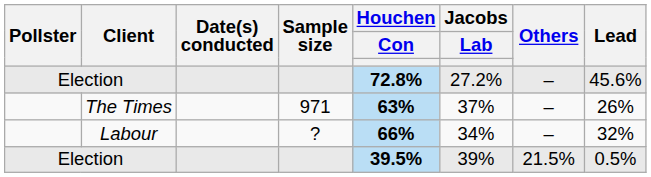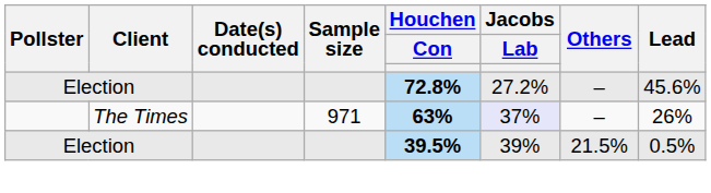 <table class="wikitable sortable mw-datatable" style="text-align:center;font-size:90%;line-height:14px;">
 <tr>
 <th rowspan="3">Pollster</th>
 <th rowspan="3">Client</th>
 <th rowspan="3">Date(s)<br>conducted</th>
 <th rowspan="3">Sample<br>size</th>
 <th class="unsortable" style="width:50px;"><a href='#'>Houchen</a></th>
 <th class="unsortable" style="width:50px;">Jacobs</th>
 <th rowspan="3" style="width:50px;"><a href='#'>Others</a></th>
 <th rowspan= "3" data-sort-type="number">Lead</th>
 </tr>
 <tr>
 <th class="unsortable"><a href='#'>Con</a></th>
 <th class="unsortable"><a href='#'>Lab</a></th>
 </tr>
 <tr>
 <th data-sort-type="number" style="background:"></th>
 <th data-sort-type="number" style="background:"></th>
 </tr>
 <tr style="background:#E9E9E9;">
 <td colspan="2">Election</td>
 <td></td>
 <td></td>
 <td style="background:#BADEF5;"><strong>72.8%</strong></td>
 <td>27.2%</td>
 <td>–</td>
 <td style="background:">45.6%</td>
 </tr>
 <tr>
 <td><br></td>
 <td><em>The Times</em></td>
 <td></td>
 <td>971</td>
 <td style="background:#BADEF5;"><strong>63%</strong></td>
-<td>37%</td>
+<td style="background: lavender;">37%</td>
 <td>–</td>
 <td style="background:">26%</td>
-</tr>
-<tr>
-<td></td>
-<td><em>Labour</em></td>
-<td></td>
-<td>?</td>
-<td style="background:#BADEF5;"><strong>66%</strong></td>
-<td>34%</td>
-<td>–</td>
-<td style="background:">32%</td>
 </tr>
 <tr style="background:#E9E9E9;">
 <td colspan="2">Election</td>
 <td></td>
 <td></td>
 <td style="background:#BADEF5;"><strong>39.5%</strong></td>
 <td>39%</td>
 <td>21.5%</td>
 <td style="background:">0.5%</td>
 </tr>
 </table>
